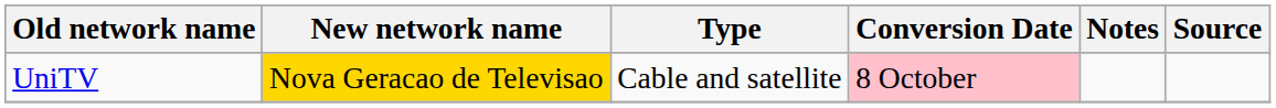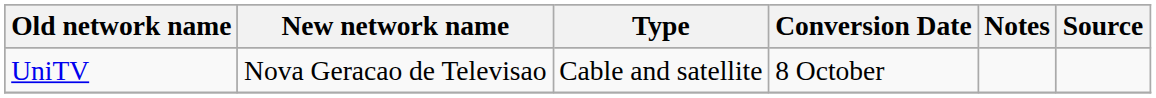 <table class="wikitable">
 <tr>
 <th>Old network name</th>
 <th>New network name</th>
 <th>Type</th>
 <th>Conversion Date</th>
 <th>Notes</th>
 <th>Source</th>
 </tr>
 <tr>
 <td><a href='#'>UniTV</a></td>
-<td style="background: gold;">Nova Geracao de Televisao</td>
+<td>Nova Geracao de Televisao</td>
 <td>Cable and satellite</td>
-<td style="background: pink;">8 October</td>
+<td>8 October</td>
 <td></td>
 <td></td>
 </tr>
 <tr>
 </tr>
 </table>
